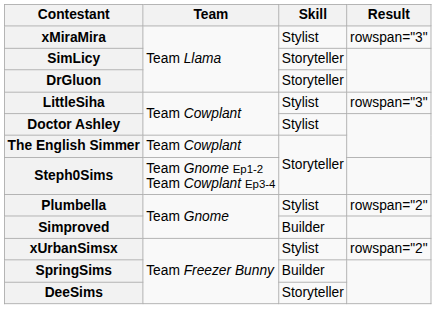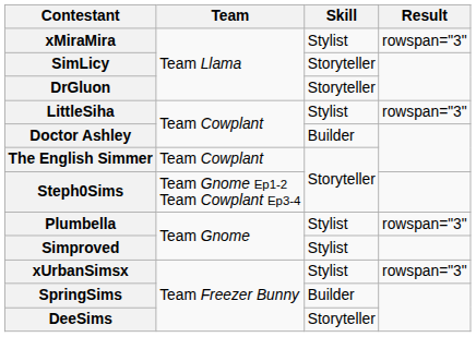 <table class="wikitable">
 <tr>
 <th>Contestant</th>
 <th>Team</th>
 <th>Skill</th>
 <th>Result</th>
 </tr>
 <tr>
 <th>xMiraMira</th>
 <td rowspan="3">Team <em>Llama</em></td>
 <td>Stylist</td>
 <td>rowspan="3" </td>
 </tr>
 <tr>
 <th>SimLicy</th>
 <td>Storyteller</td>
 </tr>
 <tr>
 <th>DrGluon</th>
 <td>Storyteller</td>
 </tr>
 <tr>
 <th>LittleSiha</th>
 <td rowspan="2">Team <em>Cowplant</em></td>
 <td>Stylist</td>
 <td>rowspan="3" </td>
 </tr>
 <tr>
 <th>Doctor Ashley</th>
-<td>Stylist</td>
+<td>Builder</td>
 </tr>
 <tr>
 <th>The English Simmer</th>
 <td>Team <em>Cowplant</em></td>
 <td rowspan="2">Storyteller</td>
 </tr>
 <tr>
 <th>Steph0Sims</th>
 <td>Team <em>Gnome</em> <small>Ep1-2</small><br>Team <em>Cowplant</em> <small>Ep3-4</small></td>
 <td></td>
 </tr>
 <tr>
 <th>Plumbella</th>
 <td rowspan="2">Team <em>Gnome</em></td>
 <td>Stylist</td>
-<td>rowspan="2" </td>
+<td>rowspan="3" </td>
 </tr>
 <tr>
 <th>Simproved</th>
-<td>Builder</td>
+<td>Stylist</td>
 </tr>
 <tr>
 <th>xUrbanSimsx</th>
 <td rowspan="3">Team <em>Freezer Bunny</em></td>
 <td>Stylist</td>
-<td>rowspan="2" </td>
+<td>rowspan="3" </td>
 </tr>
 <tr>
 <th>SpringSims</th>
 <td>Builder</td>
 </tr>
 <tr>
 <th>DeeSims</th>
 <td>Storyteller</td>
 </tr>
 </table>
